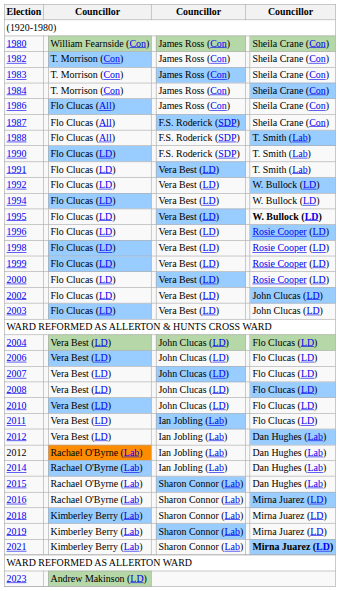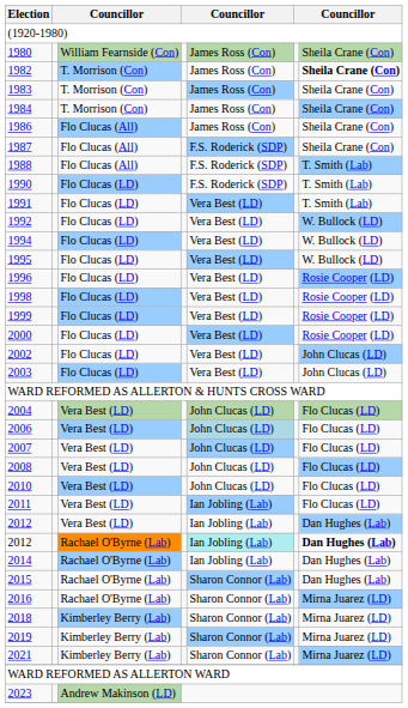 <table class="wikitable">
 <tr>
 <th>Election</th>
 <th colspan="2">Councillor</th>
 <th colspan="2">Councillor</th>
 <th colspan="2">Councillor</th>
 </tr>
 <tr>
 <td colspan="8" bgcolor="#FFF"><div>(1920-1980)</div></td>
 </tr>
 <tr>
 <td><a href='#'>1980</a></td>
 <td style="background-color: "></td>
 <td bgcolor="#B6D7A8">William Fearnside (<a href='#'>Con</a>)</td>
 <td style="background-color: "></td>
 <td bgcolor="#B6D7A8">James Ross (<a href='#'>Con</a>)</td>
 <td style="background-color: "></td>
 <td bgcolor="#B6D7A8">Sheila Crane (<a href='#'>Con</a>)</td>
 </tr>
 <tr>
 <td><a href='#'>1982</a></td>
 <td style="background-color: "></td>
 <td bgcolor="#99CCFF">T. Morrison (<a href='#'>Con</a>)</td>
 <td style="background-color: "></td>
 <td>James Ross (<a href='#'>Con</a>)</td>
 <td style="background-color: "></td>
-<td>Sheila Crane (<a href='#'>Con</a>)</td>
+<td><strong>Sheila Crane (<a href='#'>Con</a>)</strong></td>
 </tr>
 <tr>
 <td><a href='#'>1983</a></td>
 <td style="background-color: "></td>
 <td>T. Morrison (<a href='#'>Con</a>)</td>
 <td style="background-color: "></td>
 <td bgcolor="#99CCFF">James Ross (<a href='#'>Con</a>)</td>
 <td style="background-color: "></td>
 <td>Sheila Crane (<a href='#'>Con</a>)</td>
 </tr>
 <tr>
 <td><a href='#'>1984</a></td>
 <td style="background-color: "></td>
 <td>T. Morrison (<a href='#'>Con</a>)</td>
 <td style="background-color: "></td>
 <td>James Ross (<a href='#'>Con</a>)</td>
 <td style="background-color: "></td>
 <td bgcolor="#99CCFF">Sheila Crane (<a href='#'>Con</a>)</td>
 </tr>
 <tr>
 <td><a href='#'>1986</a></td>
 <td style="background-color: "></td>
 <td bgcolor="#99CCFF">Flo Clucas (<a href='#'>All</a>)</td>
 <td style="background-color: "></td>
 <td>James Ross (<a href='#'>Con</a>)</td>
 <td style="background-color: "></td>
 <td>Sheila Crane (<a href='#'>Con</a>)</td>
 </tr>
 <tr>
 <td><a href='#'>1987</a></td>
 <td style="background-color: "></td>
 <td>Flo Clucas (<a href='#'>All</a>)</td>
 <td style="background-color: "></td>
 <td bgcolor="#99CCFF">F.S. Roderick (<a href='#'>SDP</a>)</td>
 <td style="background-color: "></td>
 <td>Sheila Crane (<a href='#'>Con</a>)</td>
 </tr>
 <tr>
 <td><a href='#'>1988</a></td>
 <td style="background-color: "></td>
 <td>Flo Clucas (<a href='#'>All</a>)</td>
 <td style="background-color: "></td>
 <td>F.S. Roderick (<a href='#'>SDP</a>)</td>
 <td style="background-color: "></td>
 <td bgcolor="#99CCFF">T. Smith (<a href='#'>Lab</a>)</td>
 </tr>
 <tr>
 <td><a href='#'>1990</a></td>
 <td style="background-color: "></td>
 <td bgcolor="#99CCFF">Flo Clucas (<a href='#'>LD</a>)</td>
 <td style="background-color: "></td>
 <td>F.S. Roderick (<a href='#'>SDP</a>)</td>
 <td style="background-color: "></td>
 <td>T. Smith (<a href='#'>Lab</a>)</td>
 </tr>
 <tr>
 <td><a href='#'>1991</a></td>
 <td style="background-color: "></td>
 <td>Flo Clucas (<a href='#'>LD</a>)</td>
 <td style="background-color: "></td>
 <td bgcolor="#99CCFF">Vera Best (<a href='#'>LD</a>)</td>
 <td style="background-color: "></td>
 <td>T. Smith (<a href='#'>Lab</a>)</td>
 </tr>
 <tr>
 <td><a href='#'>1992</a></td>
 <td style="background-color: "></td>
 <td>Flo Clucas (<a href='#'>LD</a>)</td>
 <td style="background-color: "></td>
 <td>Vera Best (<a href='#'>LD</a>)</td>
 <td style="background-color: "></td>
 <td bgcolor="#99CCFF">W. Bullock (<a href='#'>LD</a>)</td>
 </tr>
 <tr>
 <td><a href='#'>1994</a></td>
 <td style="background-color: "></td>
 <td bgcolor="#99CCFF">Flo Clucas (<a href='#'>LD</a>)</td>
 <td style="background-color: "></td>
 <td>Vera Best (<a href='#'>LD</a>)</td>
 <td style="background-color: "></td>
 <td>W. Bullock (<a href='#'>LD</a>)</td>
 </tr>
 <tr>
 <td><a href='#'>1995</a></td>
 <td style="background-color: "></td>
 <td>Flo Clucas (<a href='#'>LD</a>)</td>
 <td style="background-color: "></td>
 <td bgcolor="#99CCFF">Vera Best (<a href='#'>LD</a>)</td>
 <td style="background-color: "></td>
-<td><strong>W. Bullock (<a href='#'>LD</a>)</strong></td>
+<td>W. Bullock (<a href='#'>LD</a>)</td>
 </tr>
 <tr>
 <td><a href='#'>1996</a></td>
 <td style="background-color: "></td>
 <td>Flo Clucas (<a href='#'>LD</a>)</td>
 <td style="background-color: "></td>
 <td>Vera Best (<a href='#'>LD</a>)</td>
 <td style="background-color: "></td>
 <td bgcolor="#99CCFF"><a href='#'>Rosie Cooper</a> (<a href='#'>LD</a>)</td>
 </tr>
 <tr>
 <td><a href='#'>1998</a></td>
 <td style="background-color: "></td>
 <td bgcolor="#99CCFF">Flo Clucas (<a href='#'>LD</a>)</td>
 <td style="background-color: "></td>
 <td>Vera Best (<a href='#'>LD</a>)</td>
 <td style="background-color: "></td>
 <td><a href='#'>Rosie Cooper</a> (<a href='#'>LD</a>)</td>
 </tr>
 <tr>
 <td><a href='#'>1999</a></td>
 <td style="background-color: "></td>
 <td bgcolor="#99CCFF">Flo Clucas (<a href='#'>LD</a>)</td>
 <td style="background-color: "></td>
 <td>Vera Best (<a href='#'>LD</a>)</td>
 <td style="background-color: "></td>
 <td><a href='#'>Rosie Cooper</a> (<a href='#'>LD</a>)</td>
 </tr>
 <tr>
 <td><a href='#'>2000</a></td>
 <td style="background-color: "></td>
 <td>Flo Clucas (<a href='#'>LD</a>)</td>
 <td style="background-color: "></td>
 <td bgcolor="#99CCFF">Vera Best (<a href='#'>LD</a>)</td>
 <td style="background-color: "></td>
 <td><a href='#'>Rosie Cooper</a> (<a href='#'>LD</a>)</td>
 </tr>
 <tr>
 <td><a href='#'>2002</a></td>
 <td style="background-color: "></td>
 <td>Flo Clucas (<a href='#'>LD</a>)</td>
 <td style="background-color: "></td>
 <td>Vera Best (<a href='#'>LD</a>)</td>
 <td style="background-color: "></td>
 <td bgcolor="#99CCFF">John Clucas (<a href='#'>LD</a>)</td>
 </tr>
 <tr>
 <td><a href='#'>2003</a></td>
 <td style="background-color: "></td>
 <td bgcolor="#99CCFF">Flo Clucas (<a href='#'>LD</a>)</td>
 <td style="background-color: "></td>
 <td>Vera Best (<a href='#'>LD</a>)</td>
 <td style="background-color: "></td>
 <td>John Clucas (<a href='#'>LD</a>)</td>
 </tr>
 <tr>
 <td colspan="7" bgcolor="#FFF"><div>WARD REFORMED AS ALLERTON & HUNTS CROSS WARD</div></td>
 </tr>
 <tr>
 <td><a href='#'>2004</a></td>
 <td style="background-color: "></td>
 <td bgcolor="#B6D7A8">Vera Best (<a href='#'>LD</a>)</td>
 <td style="background-color: "></td>
 <td bgcolor="#B6D7A8">John Clucas (<a href='#'>LD</a>)</td>
 <td style="background-color: "></td>
 <td bgcolor="#B6D7A8">Flo Clucas (<a href='#'>LD</a>)</td>
 </tr>
 <tr>
 <td><a href='#'>2006</a></td>
 <td style="background-color: "></td>
 <td bgcolor="#99CCFF">Vera Best (<a href='#'>LD</a>)</td>
 <td style="background-color: "></td>
-<td>John Clucas (<a href='#'>LD</a>)</td>
+<td style="background: lightblue;">John Clucas (<a href='#'>LD</a>)</td>
 <td style="background-color: "></td>
 <td>Flo Clucas (<a href='#'>LD</a>)</td>
 </tr>
 <tr>
 <td><a href='#'>2007</a></td>
 <td style="background-color: "></td>
 <td>Vera Best (<a href='#'>LD</a>)</td>
 <td style="background-color: "></td>
 <td bgcolor="#99CCFF">John Clucas (<a href='#'>LD</a>)</td>
 <td style="background-color: "></td>
 <td>Flo Clucas (<a href='#'>LD</a>)</td>
 </tr>
 <tr>
 <td><a href='#'>2008</a></td>
 <td style="background-color: "></td>
 <td>Vera Best (<a href='#'>LD</a>)</td>
 <td style="background-color: "></td>
 <td>John Clucas (<a href='#'>LD</a>)</td>
 <td style="background-color: "></td>
 <td bgcolor="#99CCFF">Flo Clucas (<a href='#'>LD</a>)</td>
 </tr>
 <tr>
 <td><a href='#'>2010</a></td>
 <td style="background-color: "></td>
 <td bgcolor="#99CCFF">Vera Best (<a href='#'>LD</a>)</td>
 <td style="background-color: "></td>
 <td>John Clucas (<a href='#'>LD</a>)</td>
 <td style="background-color: "></td>
 <td>Flo Clucas (<a href='#'>LD</a>)</td>
 </tr>
 <tr>
 <td><a href='#'>2011</a></td>
 <td style="background-color: "></td>
 <td>Vera Best (<a href='#'>LD</a>)</td>
 <td style="background-color: "></td>
 <td bgcolor="#99CCFF">Ian Jobling (<a href='#'>Lab</a>)</td>
 <td style="background-color: "></td>
 <td>Flo Clucas (<a href='#'>LD</a>)</td>
 </tr>
 <tr>
 <td><a href='#'>2012</a></td>
 <td style="background-color: "></td>
 <td>Vera Best (<a href='#'>LD</a>)</td>
 <td style="background-color: "></td>
 <td>Ian Jobling (<a href='#'>Lab</a>)</td>
 <td style="background-color: "></td>
 <td bgcolor="#99CCFF">Dan Hughes (<a href='#'>Lab</a>)</td>
 </tr>
 <tr>
 <td>2012</td>
 <td style="background-color: "></td>
 <td bgcolor="#FF8C00">Rachael O'Byrne (<a href='#'>Lab</a>)</td>
 <td style="background-color: "></td>
-<td>Ian Jobling (<a href='#'>Lab</a>)</td>
+<td style="background: paleturquoise;">Ian Jobling (<a href='#'>Lab</a>)</td>
 <td style="background-color: "></td>
-<td>Dan Hughes (<a href='#'>Lab</a>)</td>
+<td><strong>Dan Hughes (<a href='#'>Lab</a>)</strong></td>
 </tr>
 <tr>
 <td><a href='#'>2014</a></td>
 <td style="background-color: "></td>
 <td bgcolor="#99CCFF">Rachael O'Byrne (<a href='#'>Lab</a>)</td>
 <td style="background-color: "></td>
 <td>Ian Jobling (<a href='#'>Lab</a>)</td>
 <td style="background-color: "></td>
 <td>Dan Hughes (<a href='#'>Lab</a>)</td>
 </tr>
 <tr>
 <td><a href='#'>2015</a></td>
 <td style="background-color: "></td>
 <td>Rachael O'Byrne (<a href='#'>Lab</a>)</td>
 <td style="background-color: "></td>
 <td bgcolor="#99CCFF">Sharon Connor (<a href='#'>Lab</a>)</td>
 <td style="background-color: "></td>
 <td>Dan Hughes (<a href='#'>Lab</a>)</td>
 </tr>
 <tr>
 <td><a href='#'>2016</a></td>
 <td style="background-color: "></td>
 <td>Rachael O'Byrne (<a href='#'>Lab</a>)</td>
 <td style="background-color: "></td>
 <td>Sharon Connor (<a href='#'>Lab</a>)</td>
 <td style="background-color: "></td>
 <td bgcolor="#99CCFF">Mirna Juarez (<a href='#'>LD</a>)</td>
 </tr>
 <tr>
 <td><a href='#'>2018</a></td>
 <td style="background-color: "></td>
 <td bgcolor="#99CCFF">Kimberley Berry (<a href='#'>Lab</a>)</td>
 <td style="background-color: "></td>
 <td>Sharon Connor (<a href='#'>Lab</a>)</td>
 <td style="background-color: "></td>
 <td>Mirna Juarez (<a href='#'>LD</a>)</td>
 </tr>
 <tr>
 <td><a href='#'>2019</a></td>
 <td style="background-color: "></td>
 <td>Kimberley Berry (<a href='#'>Lab</a>)</td>
 <td style="background-color: "></td>
 <td bgcolor="#99CCFF">Sharon Connor (<a href='#'>Lab</a>)</td>
 <td style="background-color: "></td>
 <td>Mirna Juarez (<a href='#'>LD</a>)</td>
 </tr>
 <tr>
 <td><a href='#'>2021</a></td>
 <td style="background-color: "></td>
 <td>Kimberley Berry (<a href='#'>Lab</a>)</td>
 <td style="background-color: "></td>
 <td>Sharon Connor (<a href='#'>Lab</a>)</td>
 <td style="background-color: "></td>
-<td bgcolor="#99CCFF"><strong>Mirna Juarez (<a href='#'>LD</a>)</strong></td>
+<td bgcolor="#99CCFF">Mirna Juarez (<a href='#'>LD</a>)</td>
 </tr>
 <tr>
 </tr>
 <tr>
 <td colspan="7" bgcolor="#FFF"><div>WARD REFORMED AS ALLERTON WARD</div></td>
 </tr>
 <tr>
 <td><a href='#'>2023</a></td>
 <td style="background-color: "></td>
 <td bgcolor="#B6D7A8">Andrew Makinson (<a href='#'>LD</a>)</td>
 </tr>
 <tr>
 </tr>
 </table>
